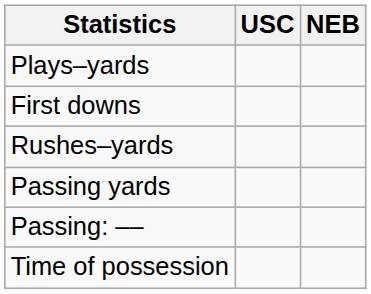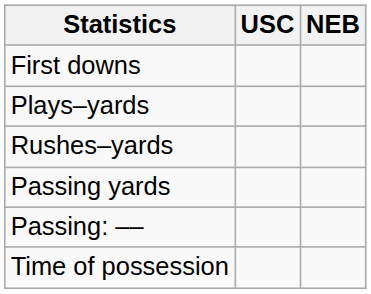 <table class="wikitable" style="float:left">
 <tr>
 <th>Statistics</th>
 <th>USC</th>
 <th>NEB</th>
 </tr>
 <tr>
-<td>Plays–yards</td>
+<td>First downs</td>
 <td></td>
 <td></td>
 </tr>
 <tr>
-<td>First downs</td>
+<td>Plays–yards</td>
 <td></td>
 <td></td>
 </tr>
 <tr>
 <td>Rushes–yards</td>
 <td></td>
 <td></td>
 </tr>
 <tr>
 <td>Passing yards</td>
 <td></td>
 <td></td>
 </tr>
 <tr>
 <td>Passing: ––</td>
 <td></td>
 <td></td>
 </tr>
 <tr>
 <td>Time of possession</td>
 <td></td>
 <td></td>
 </tr>
 </table>
